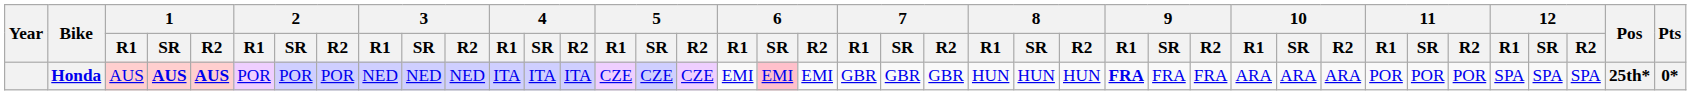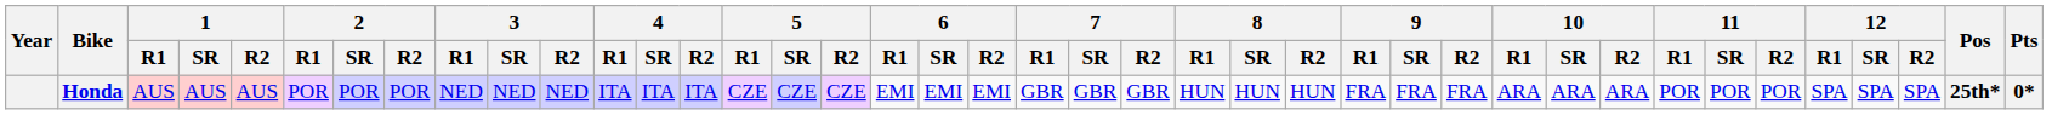 <table class="wikitable" style="text-align:center; font-size:90%;">
 <tr>
 <th rowspan="2">Year</th>
 <th rowspan="2">Bike</th>
 <th colspan="3">1</th>
 <th colspan="3">2</th>
 <th colspan="3">3</th>
 <th colspan="3">4</th>
 <th colspan="3">5</th>
 <th colspan="3">6</th>
 <th colspan="3">7</th>
 <th colspan="3">8</th>
 <th colspan="3">9</th>
 <th colspan="3">10</th>
 <th colspan="3">11</th>
 <th colspan="3">12</th>
 <th rowspan="2">Pos</th>
 <th rowspan="2">Pts</th>
 </tr>
 <tr>
 <th>R1</th>
 <th>SR</th>
 <th>R2</th>
 <th>R1</th>
 <th>SR</th>
 <th>R2</th>
 <th>R1</th>
 <th>SR</th>
 <th>R2</th>
 <th>R1</th>
 <th>SR</th>
 <th>R2</th>
 <th>R1</th>
 <th>SR</th>
 <th>R2</th>
 <th>R1</th>
 <th>SR</th>
 <th>R2</th>
 <th>R1</th>
 <th>SR</th>
 <th>R2</th>
 <th>R1</th>
 <th>SR</th>
 <th>R2</th>
 <th>R1</th>
 <th>SR</th>
 <th>R2</th>
 <th>R1</th>
 <th>SR</th>
 <th>R2</th>
 <th>R1</th>
 <th>SR</th>
 <th>R2</th>
 <th>R1</th>
 <th>SR</th>
 <th>R2</th>
 </tr>
 <tr>
 <th></th>
 <th><a href='#'>Honda</a></th>
 <td style="background:#FFCFCF;"><a href='#'>AUS</a><br></td>
-<td style="background:#FFCFCF;"><strong><a href='#'>AUS</a><br></strong></td>
-<td style="background:#FFCFCF;"><strong><a href='#'>AUS</a><br></strong></td>
+<td style="background:#FFCFCF;"><a href='#'>AUS</a><br></td>
+<td style="background:#FFCFCF;"><a href='#'>AUS</a><br></td>
 <td style="background:#EFCFFF;"><a href='#'>POR</a><br></td>
 <td style="background:#CFCFFF;"><a href='#'>POR</a><br></td>
 <td style="background:#CFCFFF;"><a href='#'>POR</a><br></td>
 <td style="background:#CFCFFF;"><a href='#'>NED</a><br></td>
 <td style="background:#CFCFFF;"><a href='#'>NED</a><br></td>
 <td style="background:#CFCFFF;"><a href='#'>NED</a><br></td>
 <td style="background:#CFCFFF;"><a href='#'>ITA</a><br></td>
 <td style="background:#CFCFFF;"><a href='#'>ITA</a><br></td>
 <td style="background:#CFCFFF;"><a href='#'>ITA</a><br></td>
 <td style="background:#EFCFFF;"><a href='#'>CZE</a><br></td>
 <td style="background:#CFCFFF;"><a href='#'>CZE</a><br></td>
 <td style="background:#EFCFFF;"><a href='#'>CZE</a><br></td>
 <td><a href='#'>EMI</a></td>
-<td style="background: pink;"><a href='#'>EMI</a></td>
+<td><a href='#'>EMI</a></td>
 <td><a href='#'>EMI</a></td>
 <td><a href='#'>GBR</a></td>
 <td><a href='#'>GBR</a></td>
 <td><a href='#'>GBR</a></td>
 <td><a href='#'>HUN</a></td>
 <td><a href='#'>HUN</a></td>
 <td><a href='#'>HUN</a></td>
-<td><strong><a href='#'>FRA</a></strong></td>
+<td><a href='#'>FRA</a></td>
 <td><a href='#'>FRA</a></td>
 <td><a href='#'>FRA</a></td>
 <td><a href='#'>ARA</a></td>
 <td><a href='#'>ARA</a></td>
 <td><a href='#'>ARA</a></td>
 <td><a href='#'>POR</a></td>
 <td><a href='#'>POR</a></td>
 <td><a href='#'>POR</a></td>
 <td><a href='#'>SPA</a></td>
 <td><a href='#'>SPA</a></td>
 <td><a href='#'>SPA</a></td>
 <th>25th*</th>
 <th>0*</th>
 </tr>
 </table>
